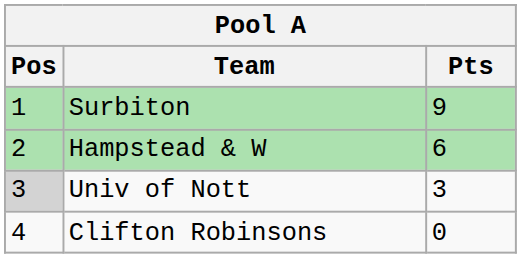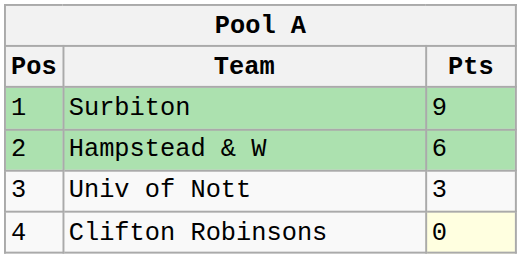 <table class="wikitable">
 <tr>
 <th colspan="6">Pool A</th>
 </tr>
 <tr>
 <th width=20>Pos</th>
 <th width=180>Team</th>
 <th width=40>Pts</th>
 </tr>
 <tr style="background:#ACE1AF;">
 <td>1</td>
 <td style="text-align:left;">Surbiton</td>
 <td>9</td>
 </tr>
 <tr style="background:#ACE1AF;">
 <td>2</td>
 <td style="text-align:left;">Hampstead & W</td>
 <td>6</td>
 </tr>
 <tr>
-<td style="background: lightgrey;">3</td>
+<td>3</td>
 <td style="text-align:left;">Univ of Nott</td>
 <td>3</td>
 </tr>
 <tr>
 <td>4</td>
 <td style="text-align:left;">Clifton Robinsons</td>
-<td>0</td>
+<td style="background: lightyellow;">0</td>
 </tr>
 </table>
